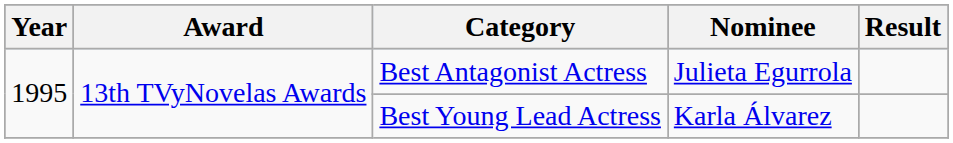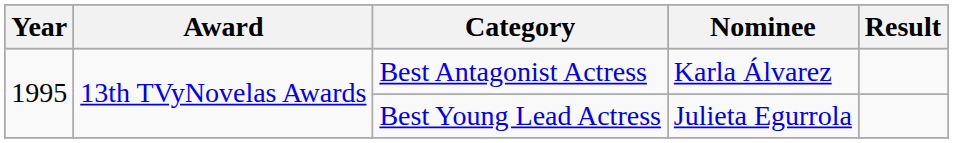 <table class="wikitable">
 <tr style="background:#b0c4de;">
 <th>Year</th>
 <th>Award</th>
 <th>Category</th>
 <th>Nominee</th>
 <th>Result</th>
 </tr>
 <tr>
 <td rowspan=2>1995</td>
 <td rowspan=2><a href='#'>13th TVyNovelas Awards</a></td>
 <td><a href='#'>Best Antagonist Actress</a></td>
-<td><a href='#'>Julieta Egurrola</a></td>
+<td><a href='#'>Karla Álvarez</a></td>
 <td></td>
 </tr>
 <tr>
 <td><a href='#'>Best Young Lead Actress</a></td>
-<td><a href='#'>Karla Álvarez</a></td>
+<td><a href='#'>Julieta Egurrola</a></td>
 <td></td>
 </tr>
 </table>
